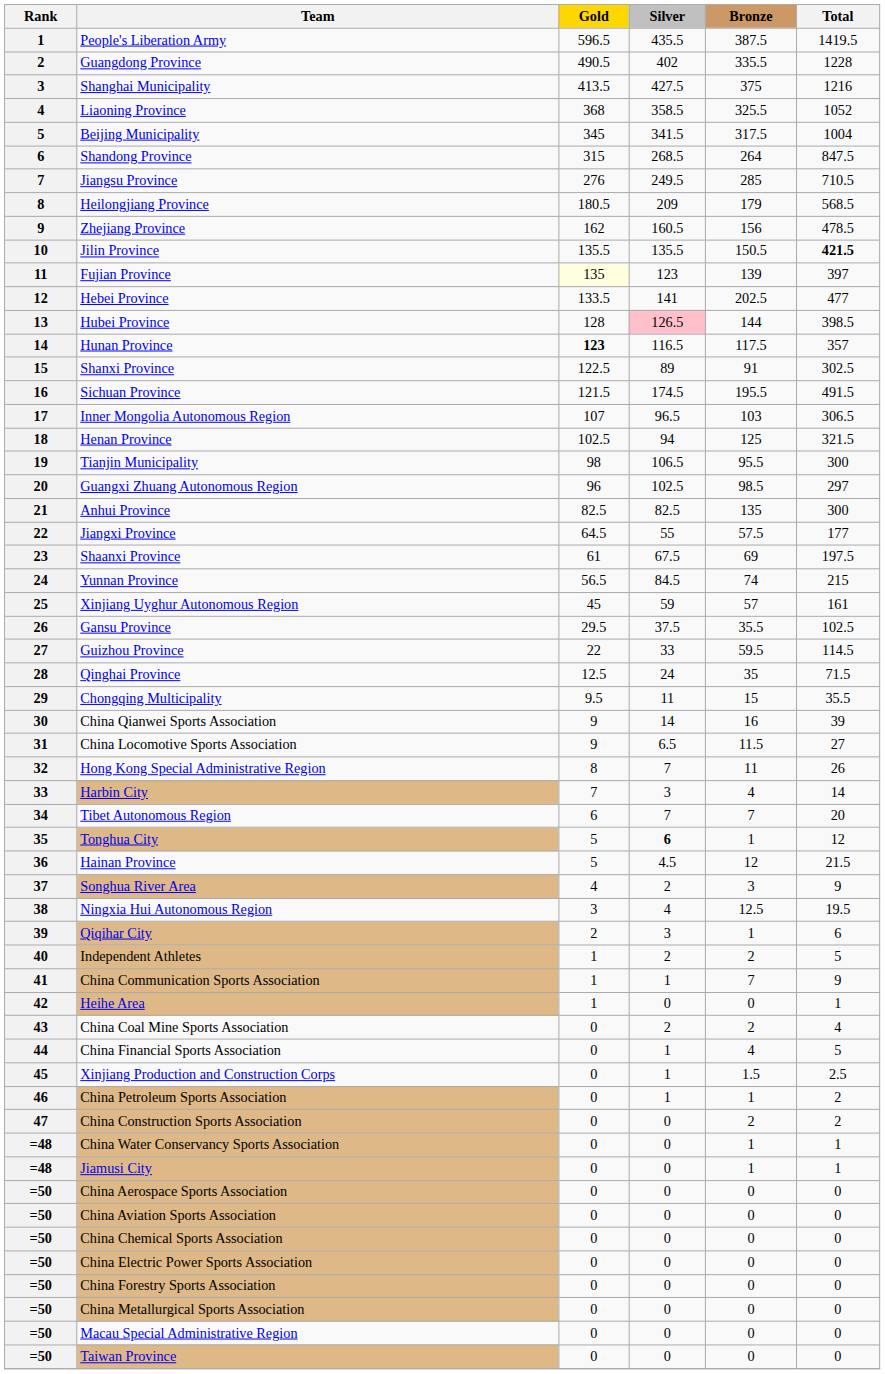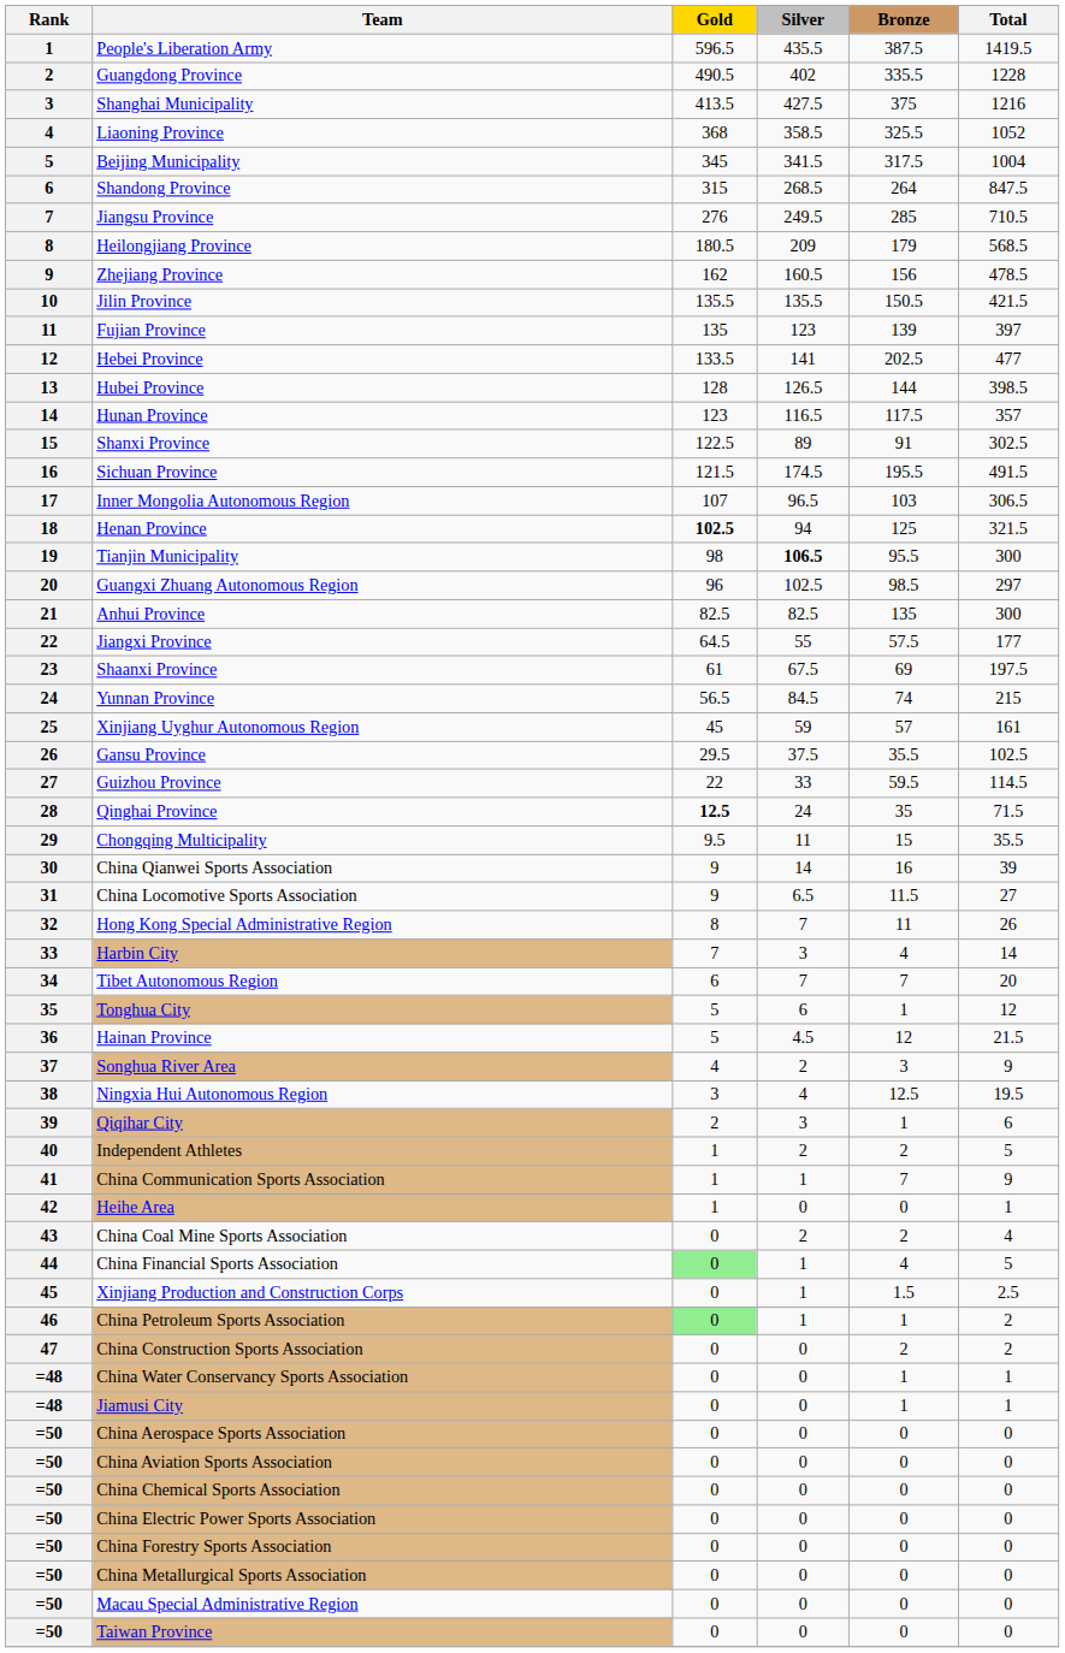 <table class="wikitable"  style="width:70%; font-size:90%; text-align:center;">
 <tr>
 <th>Rank</th>
 <th>Team</th>
 <th style="background:gold;">Gold</th>
 <th style="background:silver;">Silver</th>
 <th style="background:#c96;">Bronze</th>
 <th>Total</th>
 </tr>
 <tr>
 <th>1</th>
 <td align=left><a href='#'>People's Liberation Army</a></td>
 <td>596.5</td>
 <td>435.5</td>
 <td>387.5</td>
 <td>1419.5</td>
 </tr>
 <tr>
 <th>2</th>
 <td align=left><a href='#'>Guangdong Province</a></td>
 <td>490.5</td>
 <td>402</td>
 <td>335.5</td>
 <td>1228</td>
 </tr>
 <tr>
 <th>3</th>
 <td align=left><a href='#'>Shanghai Municipality</a></td>
 <td>413.5</td>
 <td>427.5</td>
 <td>375</td>
 <td>1216</td>
 </tr>
 <tr>
 <th>4</th>
 <td align=left><a href='#'>Liaoning Province</a></td>
 <td>368</td>
 <td>358.5</td>
 <td>325.5</td>
 <td>1052</td>
 </tr>
 <tr>
 <th>5</th>
 <td align=left><a href='#'>Beijing Municipality</a></td>
 <td>345</td>
 <td>341.5</td>
 <td>317.5</td>
 <td>1004</td>
 </tr>
 <tr>
 <th>6</th>
 <td align=left><a href='#'>Shandong Province</a></td>
 <td>315</td>
 <td>268.5</td>
 <td>264</td>
 <td>847.5</td>
 </tr>
 <tr>
 <th>7</th>
 <td align=left><a href='#'>Jiangsu Province</a></td>
 <td>276</td>
 <td>249.5</td>
 <td>285</td>
 <td>710.5</td>
 </tr>
 <tr>
 <th>8</th>
 <td align=left><a href='#'>Heilongjiang Province</a></td>
 <td>180.5</td>
 <td>209</td>
 <td>179</td>
 <td>568.5</td>
 </tr>
 <tr>
 <th>9</th>
 <td align=left><a href='#'>Zhejiang Province</a></td>
 <td>162</td>
 <td>160.5</td>
 <td>156</td>
 <td>478.5</td>
 </tr>
 <tr>
 <th>10</th>
 <td align=left><a href='#'>Jilin Province</a></td>
 <td>135.5</td>
 <td>135.5</td>
 <td>150.5</td>
-<td><strong>421.5</strong></td>
+<td>421.5</td>
 </tr>
 <tr>
 <th>11</th>
 <td align=left><a href='#'>Fujian Province</a></td>
-<td style="background: lightyellow;">135</td>
+<td>135</td>
 <td>123</td>
 <td>139</td>
 <td>397</td>
 </tr>
 <tr>
 <th>12</th>
 <td align=left><a href='#'>Hebei Province</a></td>
 <td>133.5</td>
 <td>141</td>
 <td>202.5</td>
 <td>477</td>
 </tr>
 <tr>
 <th>13</th>
 <td align=left><a href='#'>Hubei Province</a></td>
 <td>128</td>
-<td style="background: pink;">126.5</td>
+<td>126.5</td>
 <td>144</td>
 <td>398.5</td>
 </tr>
 <tr>
 <th>14</th>
 <td align=left><a href='#'>Hunan Province</a></td>
-<td><strong>123</strong></td>
+<td>123</td>
 <td>116.5</td>
 <td>117.5</td>
 <td>357</td>
 </tr>
 <tr>
 <th>15</th>
 <td align=left><a href='#'>Shanxi Province</a></td>
 <td>122.5</td>
 <td>89</td>
 <td>91</td>
 <td>302.5</td>
 </tr>
 <tr>
 <th>16</th>
 <td align=left><a href='#'>Sichuan Province</a></td>
 <td>121.5</td>
 <td>174.5</td>
 <td>195.5</td>
 <td>491.5</td>
 </tr>
 <tr>
 <th>17</th>
 <td align=left><a href='#'>Inner Mongolia Autonomous Region</a></td>
 <td>107</td>
 <td>96.5</td>
 <td>103</td>
 <td>306.5</td>
 </tr>
 <tr>
 <th>18</th>
 <td align=left><a href='#'>Henan Province</a></td>
-<td>102.5</td>
+<td><strong>102.5</strong></td>
 <td>94</td>
 <td>125</td>
 <td>321.5</td>
 </tr>
 <tr>
 <th>19</th>
 <td align=left><a href='#'>Tianjin Municipality</a></td>
 <td>98</td>
-<td>106.5</td>
+<td><strong>106.5</strong></td>
 <td>95.5</td>
 <td>300</td>
 </tr>
 <tr>
 <th>20</th>
 <td align=left><a href='#'>Guangxi Zhuang Autonomous Region</a></td>
 <td>96</td>
 <td>102.5</td>
 <td>98.5</td>
 <td>297</td>
 </tr>
 <tr>
 <th>21</th>
 <td align=left><a href='#'>Anhui Province</a></td>
 <td>82.5</td>
 <td>82.5</td>
 <td>135</td>
 <td>300</td>
 </tr>
 <tr>
 <th>22</th>
 <td align=left><a href='#'>Jiangxi Province</a></td>
 <td>64.5</td>
 <td>55</td>
 <td>57.5</td>
 <td>177</td>
 </tr>
 <tr>
 <th>23</th>
 <td align=left><a href='#'>Shaanxi Province</a></td>
 <td>61</td>
 <td>67.5</td>
 <td>69</td>
 <td>197.5</td>
 </tr>
 <tr>
 <th>24</th>
 <td align=left><a href='#'>Yunnan Province</a></td>
 <td>56.5</td>
 <td>84.5</td>
 <td>74</td>
 <td>215</td>
 </tr>
 <tr>
 <th>25</th>
 <td align=left><a href='#'>Xinjiang Uyghur Autonomous Region</a></td>
 <td>45</td>
 <td>59</td>
 <td>57</td>
 <td>161</td>
 </tr>
 <tr>
 <th>26</th>
 <td align=left><a href='#'>Gansu Province</a></td>
 <td>29.5</td>
 <td>37.5</td>
 <td>35.5</td>
 <td>102.5</td>
 </tr>
 <tr>
 <th>27</th>
 <td align=left><a href='#'>Guizhou Province</a></td>
 <td>22</td>
 <td>33</td>
 <td>59.5</td>
 <td>114.5</td>
 </tr>
 <tr>
 <th>28</th>
 <td align=left><a href='#'>Qinghai Province</a></td>
-<td>12.5</td>
+<td><strong>12.5</strong></td>
 <td>24</td>
 <td>35</td>
 <td>71.5</td>
 </tr>
 <tr>
 <th>29</th>
 <td align=left><a href='#'>Chongqing Multicipality</a></td>
 <td>9.5</td>
 <td>11</td>
 <td>15</td>
 <td>35.5</td>
 </tr>
 <tr>
 <th>30</th>
 <td align=left>China Qianwei Sports Association</td>
 <td>9</td>
 <td>14</td>
 <td>16</td>
 <td>39</td>
 </tr>
 <tr>
 <th>31</th>
 <td align=left>China Locomotive Sports Association</td>
 <td>9</td>
 <td>6.5</td>
 <td>11.5</td>
 <td>27</td>
 </tr>
 <tr>
 <th>32</th>
 <td align=left><a href='#'>Hong Kong Special Administrative Region</a></td>
 <td>8</td>
 <td>7</td>
 <td>11</td>
 <td>26</td>
 </tr>
 <tr>
 <th>33</th>
 <td style="background:BurlyWood; text-align:left;"><a href='#'>Harbin City</a></td>
 <td>7</td>
 <td>3</td>
 <td>4</td>
 <td>14</td>
 </tr>
 <tr>
 <th>34</th>
 <td align=left><a href='#'>Tibet Autonomous Region</a></td>
 <td>6</td>
 <td>7</td>
 <td>7</td>
 <td>20</td>
 </tr>
 <tr>
 <th>35</th>
 <td style="background:BurlyWood; text-align:left;"><a href='#'>Tonghua City</a></td>
 <td>5</td>
-<td><strong>6</strong></td>
+<td>6</td>
 <td>1</td>
 <td>12</td>
 </tr>
 <tr>
 <th>36</th>
 <td align=left><a href='#'>Hainan Province</a></td>
 <td>5</td>
 <td>4.5</td>
 <td>12</td>
 <td>21.5</td>
 </tr>
 <tr>
 <th>37</th>
 <td style="background:BurlyWood; text-align:left;"><a href='#'>Songhua River Area</a></td>
 <td>4</td>
 <td>2</td>
 <td>3</td>
 <td>9</td>
 </tr>
 <tr>
 <th>38</th>
 <td align=left><a href='#'>Ningxia Hui Autonomous Region</a></td>
 <td>3</td>
 <td>4</td>
 <td>12.5</td>
 <td>19.5</td>
 </tr>
 <tr>
 <th>39</th>
 <td style="background:BurlyWood; text-align:left;"><a href='#'>Qiqihar City</a></td>
 <td>2</td>
 <td>3</td>
 <td>1</td>
 <td>6</td>
 </tr>
 <tr>
 <th>40</th>
 <td style="background:BurlyWood; text-align:left;">Independent Athletes</td>
 <td>1</td>
 <td>2</td>
 <td>2</td>
 <td>5</td>
 </tr>
 <tr>
 <th>41</th>
 <td style="background:BurlyWood; text-align:left;">China Communication Sports Association</td>
 <td>1</td>
 <td>1</td>
 <td>7</td>
 <td>9</td>
 </tr>
 <tr>
 <th>42</th>
 <td style="background:BurlyWood; text-align:left;"><a href='#'>Heihe Area</a></td>
 <td>1</td>
 <td>0</td>
 <td>0</td>
 <td>1</td>
 </tr>
 <tr>
 <th>43</th>
 <td align=left>China Coal Mine Sports Association</td>
 <td>0</td>
 <td>2</td>
 <td>2</td>
 <td>4</td>
 </tr>
 <tr>
 <th>44</th>
 <td align=left>China Financial Sports Association</td>
-<td>0</td>
+<td style="background: lightgreen;">0</td>
 <td>1</td>
 <td>4</td>
 <td>5</td>
 </tr>
 <tr>
 <th>45</th>
 <td align=left><a href='#'>Xinjiang Production and Construction Corps</a></td>
 <td>0</td>
 <td>1</td>
 <td>1.5</td>
 <td>2.5</td>
 </tr>
 <tr>
 <th>46</th>
 <td style="background:BurlyWood; text-align:left;">China Petroleum Sports Association</td>
-<td>0</td>
+<td style="background: lightgreen;">0</td>
 <td>1</td>
 <td>1</td>
 <td>2</td>
 </tr>
 <tr>
 <th>47</th>
 <td style="background:BurlyWood; text-align:left;">China Construction Sports Association</td>
 <td>0</td>
 <td>0</td>
 <td>2</td>
 <td>2</td>
 </tr>
 <tr>
 <th>=48</th>
 <td style="background:BurlyWood; text-align:left;">China Water Conservancy Sports Association</td>
 <td>0</td>
 <td>0</td>
 <td>1</td>
 <td>1</td>
 </tr>
 <tr>
 <th>=48</th>
 <td style="background:BurlyWood; text-align:left;"><a href='#'>Jiamusi City</a></td>
 <td>0</td>
 <td>0</td>
 <td>1</td>
 <td>1</td>
 </tr>
 <tr>
 <th>=50</th>
 <td style="background:BurlyWood; text-align:left;">China Aerospace Sports Association</td>
 <td>0</td>
 <td>0</td>
 <td>0</td>
 <td>0</td>
 </tr>
 <tr>
 <th>=50</th>
 <td style="background:BurlyWood; text-align:left;">China Aviation Sports Association</td>
 <td>0</td>
 <td>0</td>
 <td>0</td>
 <td>0</td>
 </tr>
 <tr>
 <th>=50</th>
 <td style="background:BurlyWood; text-align:left;">China Chemical Sports Association</td>
 <td>0</td>
 <td>0</td>
 <td>0</td>
 <td>0</td>
 </tr>
 <tr>
 <th>=50</th>
 <td style="background:BurlyWood; text-align:left;">China Electric Power Sports Association</td>
 <td>0</td>
 <td>0</td>
 <td>0</td>
 <td>0</td>
 </tr>
 <tr>
 <th>=50</th>
 <td style="background:BurlyWood; text-align:left;">China Forestry Sports Association</td>
 <td>0</td>
 <td>0</td>
 <td>0</td>
 <td>0</td>
 </tr>
 <tr>
 <th>=50</th>
 <td style="background:BurlyWood; text-align:left;">China Metallurgical Sports Association</td>
 <td>0</td>
 <td>0</td>
 <td>0</td>
 <td>0</td>
 </tr>
 <tr>
 <th>=50</th>
 <td align=left><a href='#'>Macau Special Administrative Region</a></td>
 <td>0</td>
 <td>0</td>
 <td>0</td>
 <td>0</td>
 </tr>
 <tr>
 <th>=50</th>
 <td style="background:BurlyWood; text-align:left;"><a href='#'>Taiwan Province</a></td>
 <td>0</td>
 <td>0</td>
 <td>0</td>
 <td>0</td>
 </tr>
 <tr>
 </tr>
 </table>
